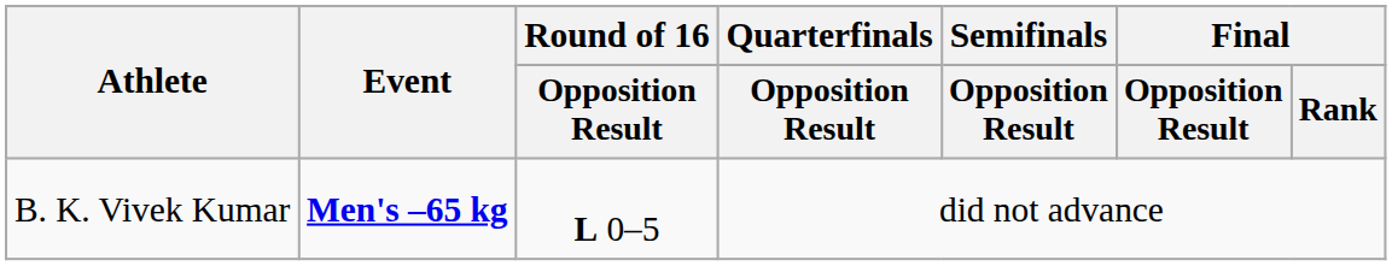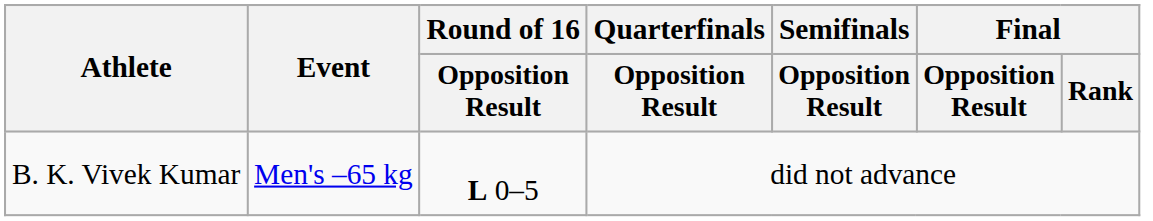 <table class=wikitable style=font-size:90%;text-align:center>
 <tr>
 <th rowspan=2>Athlete</th>
 <th rowspan=2>Event</th>
 <th>Round of 16</th>
 <th>Quarterfinals</th>
 <th>Semifinals</th>
 <th colspan=2>Final</th>
 </tr>
 <tr style="font-size:95%">
 <th>Opposition<br>Result</th>
 <th>Opposition<br>Result</th>
 <th>Opposition<br>Result</th>
 <th>Opposition<br>Result</th>
 <th>Rank</th>
 </tr>
 <tr>
 <td align=left>B. K. Vivek Kumar</td>
-<td align=left><strong><a href='#'>Men's –65 kg</a></strong></td>
+<td align=left><a href='#'>Men's –65 kg</a></td>
 <td> <br><strong>L</strong> 0–5</td>
 <td colspan=4>did not advance</td>
 </tr>
 </table>
